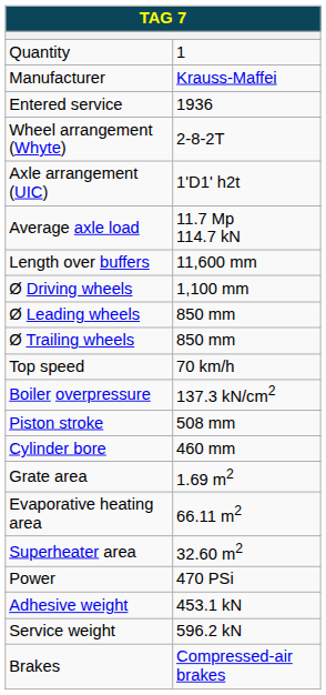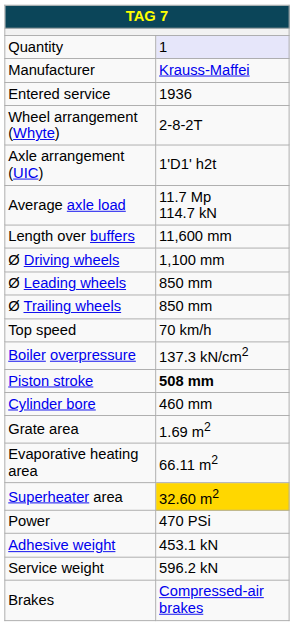 <table class="wikitable float-right"  width="310" align="right">
 <tr ->
 <th colspan="2" style="color:yellow; background:#0B4559">TAG 7<br></th>
 </tr>
 <tr ->
 <th colspan="2"></th>
 </tr>
 <tr>
 <td>Quantity</td>
-<td>1</td>
+<td style="background: lavender;">1</td>
 </tr>
 <tr>
 <td>Manufacturer</td>
 <td><a href='#'>Krauss-Maffei</a></td>
 </tr>
 <tr>
 <td>Entered service</td>
 <td>1936</td>
 </tr>
 <tr>
 <td>Wheel arrangement (<a href='#'>Whyte</a>)</td>
 <td>2-8-2T</td>
 </tr>
 <tr>
 <td>Axle arrangement (<a href='#'>UIC</a>)</td>
 <td>1'D1' h2t</td>
 </tr>
 <tr>
 <td>Average <a href='#'>axle load</a></td>
 <td>11.7 Mp<br>114.7 kN</td>
 </tr>
 <tr>
 <td>Length over <a href='#'>buffers</a></td>
 <td>11,600 mm</td>
 </tr>
 <tr>
 <td>Ø <a href='#'>Driving wheels</a></td>
 <td>1,100 mm</td>
 </tr>
 <tr>
 <td>Ø <a href='#'>Leading wheels</a></td>
 <td>850 mm</td>
 </tr>
 <tr>
 <td>Ø <a href='#'>Trailing wheels</a></td>
 <td>850 mm</td>
 </tr>
 <tr>
 <td>Top speed</td>
 <td>70 km/h</td>
 </tr>
 <tr>
 <td><a href='#'>Boiler</a> <a href='#'>overpressure</a></td>
 <td>137.3 kN/cm<sup>2</sup></td>
 </tr>
 <tr>
 <td><a href='#'>Piston stroke</a></td>
-<td>508 mm</td>
+<td><strong>508 mm</strong></td>
 </tr>
 <tr>
 <td><a href='#'>Cylinder bore</a></td>
 <td>460 mm</td>
 </tr>
 <tr>
 <td>Grate area</td>
 <td>1.69 m<sup>2</sup></td>
 </tr>
 <tr>
 <td>Evaporative heating area</td>
 <td>66.11 m<sup>2</sup></td>
 </tr>
 <tr>
 <td><a href='#'>Superheater</a> area</td>
-<td>32.60 m<sup>2</sup></td>
+<td style="background: gold;">32.60 m<sup>2</sup></td>
 </tr>
 <tr>
 <td>Power</td>
 <td>470 PSi</td>
 </tr>
 <tr>
 <td><a href='#'>Adhesive weight</a></td>
 <td>453.1 kN</td>
 </tr>
 <tr>
 <td>Service weight</td>
 <td>596.2 kN</td>
 </tr>
 <tr>
 <td>Brakes</td>
 <td><a href='#'>Compressed-air brakes</a></td>
 </tr>
 </table>
